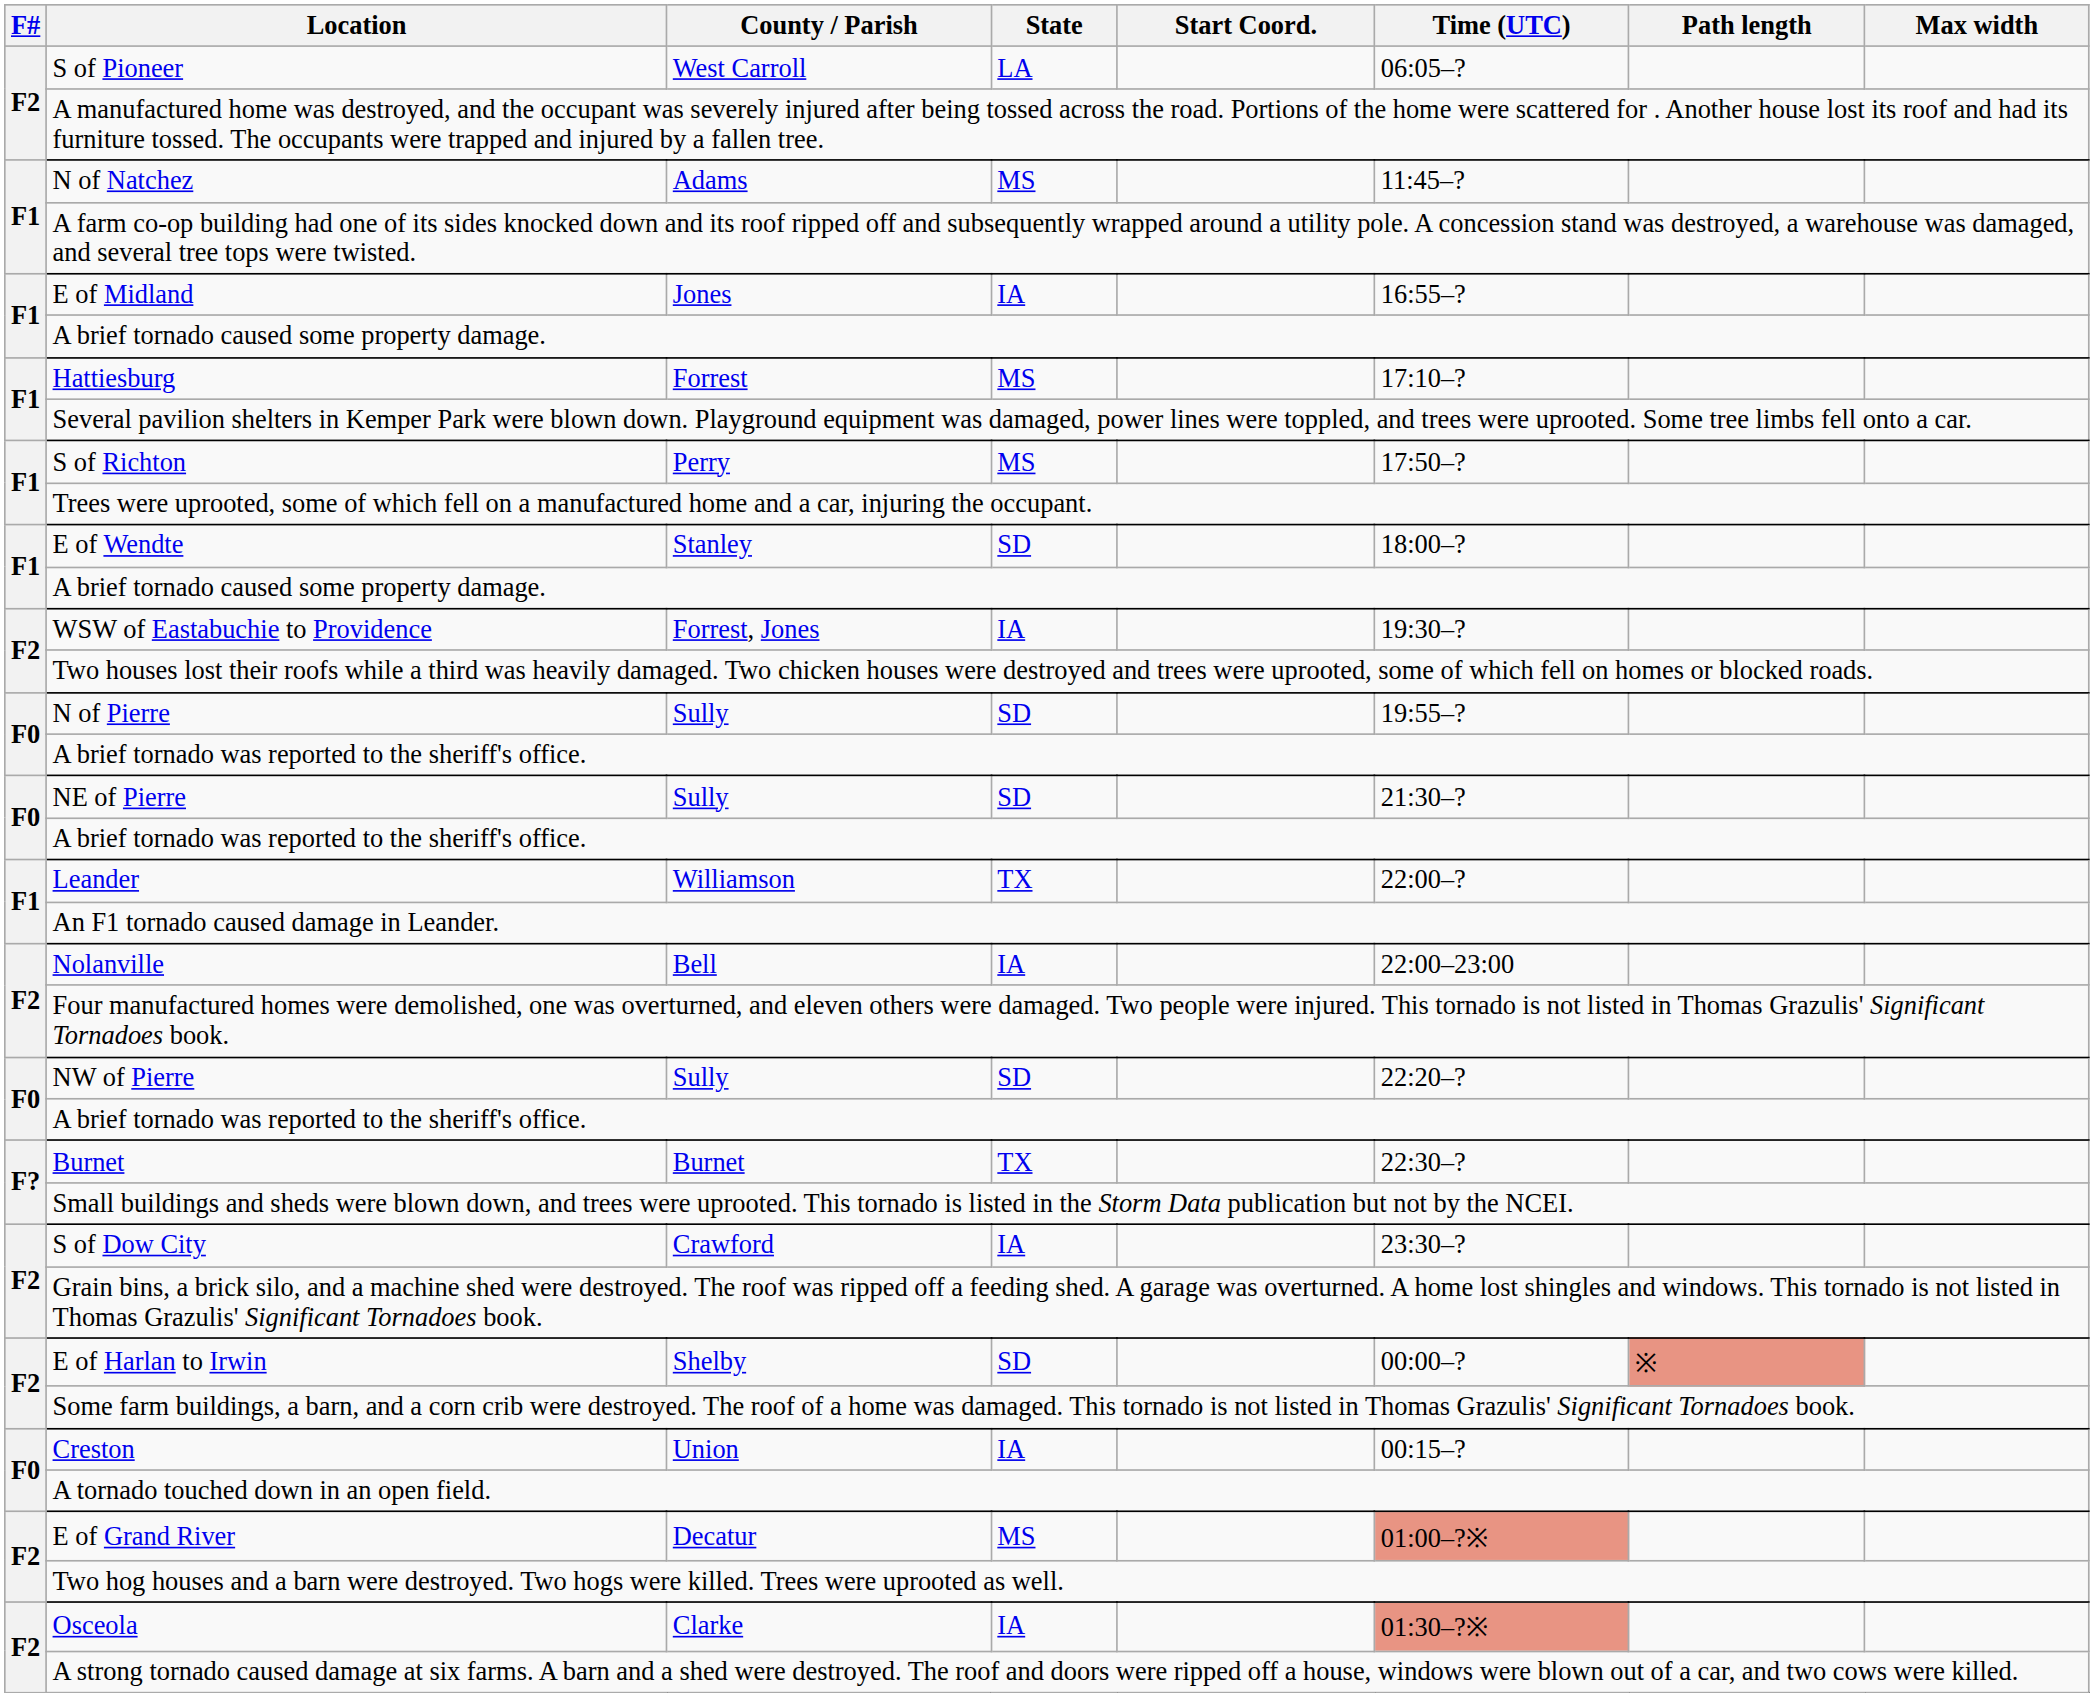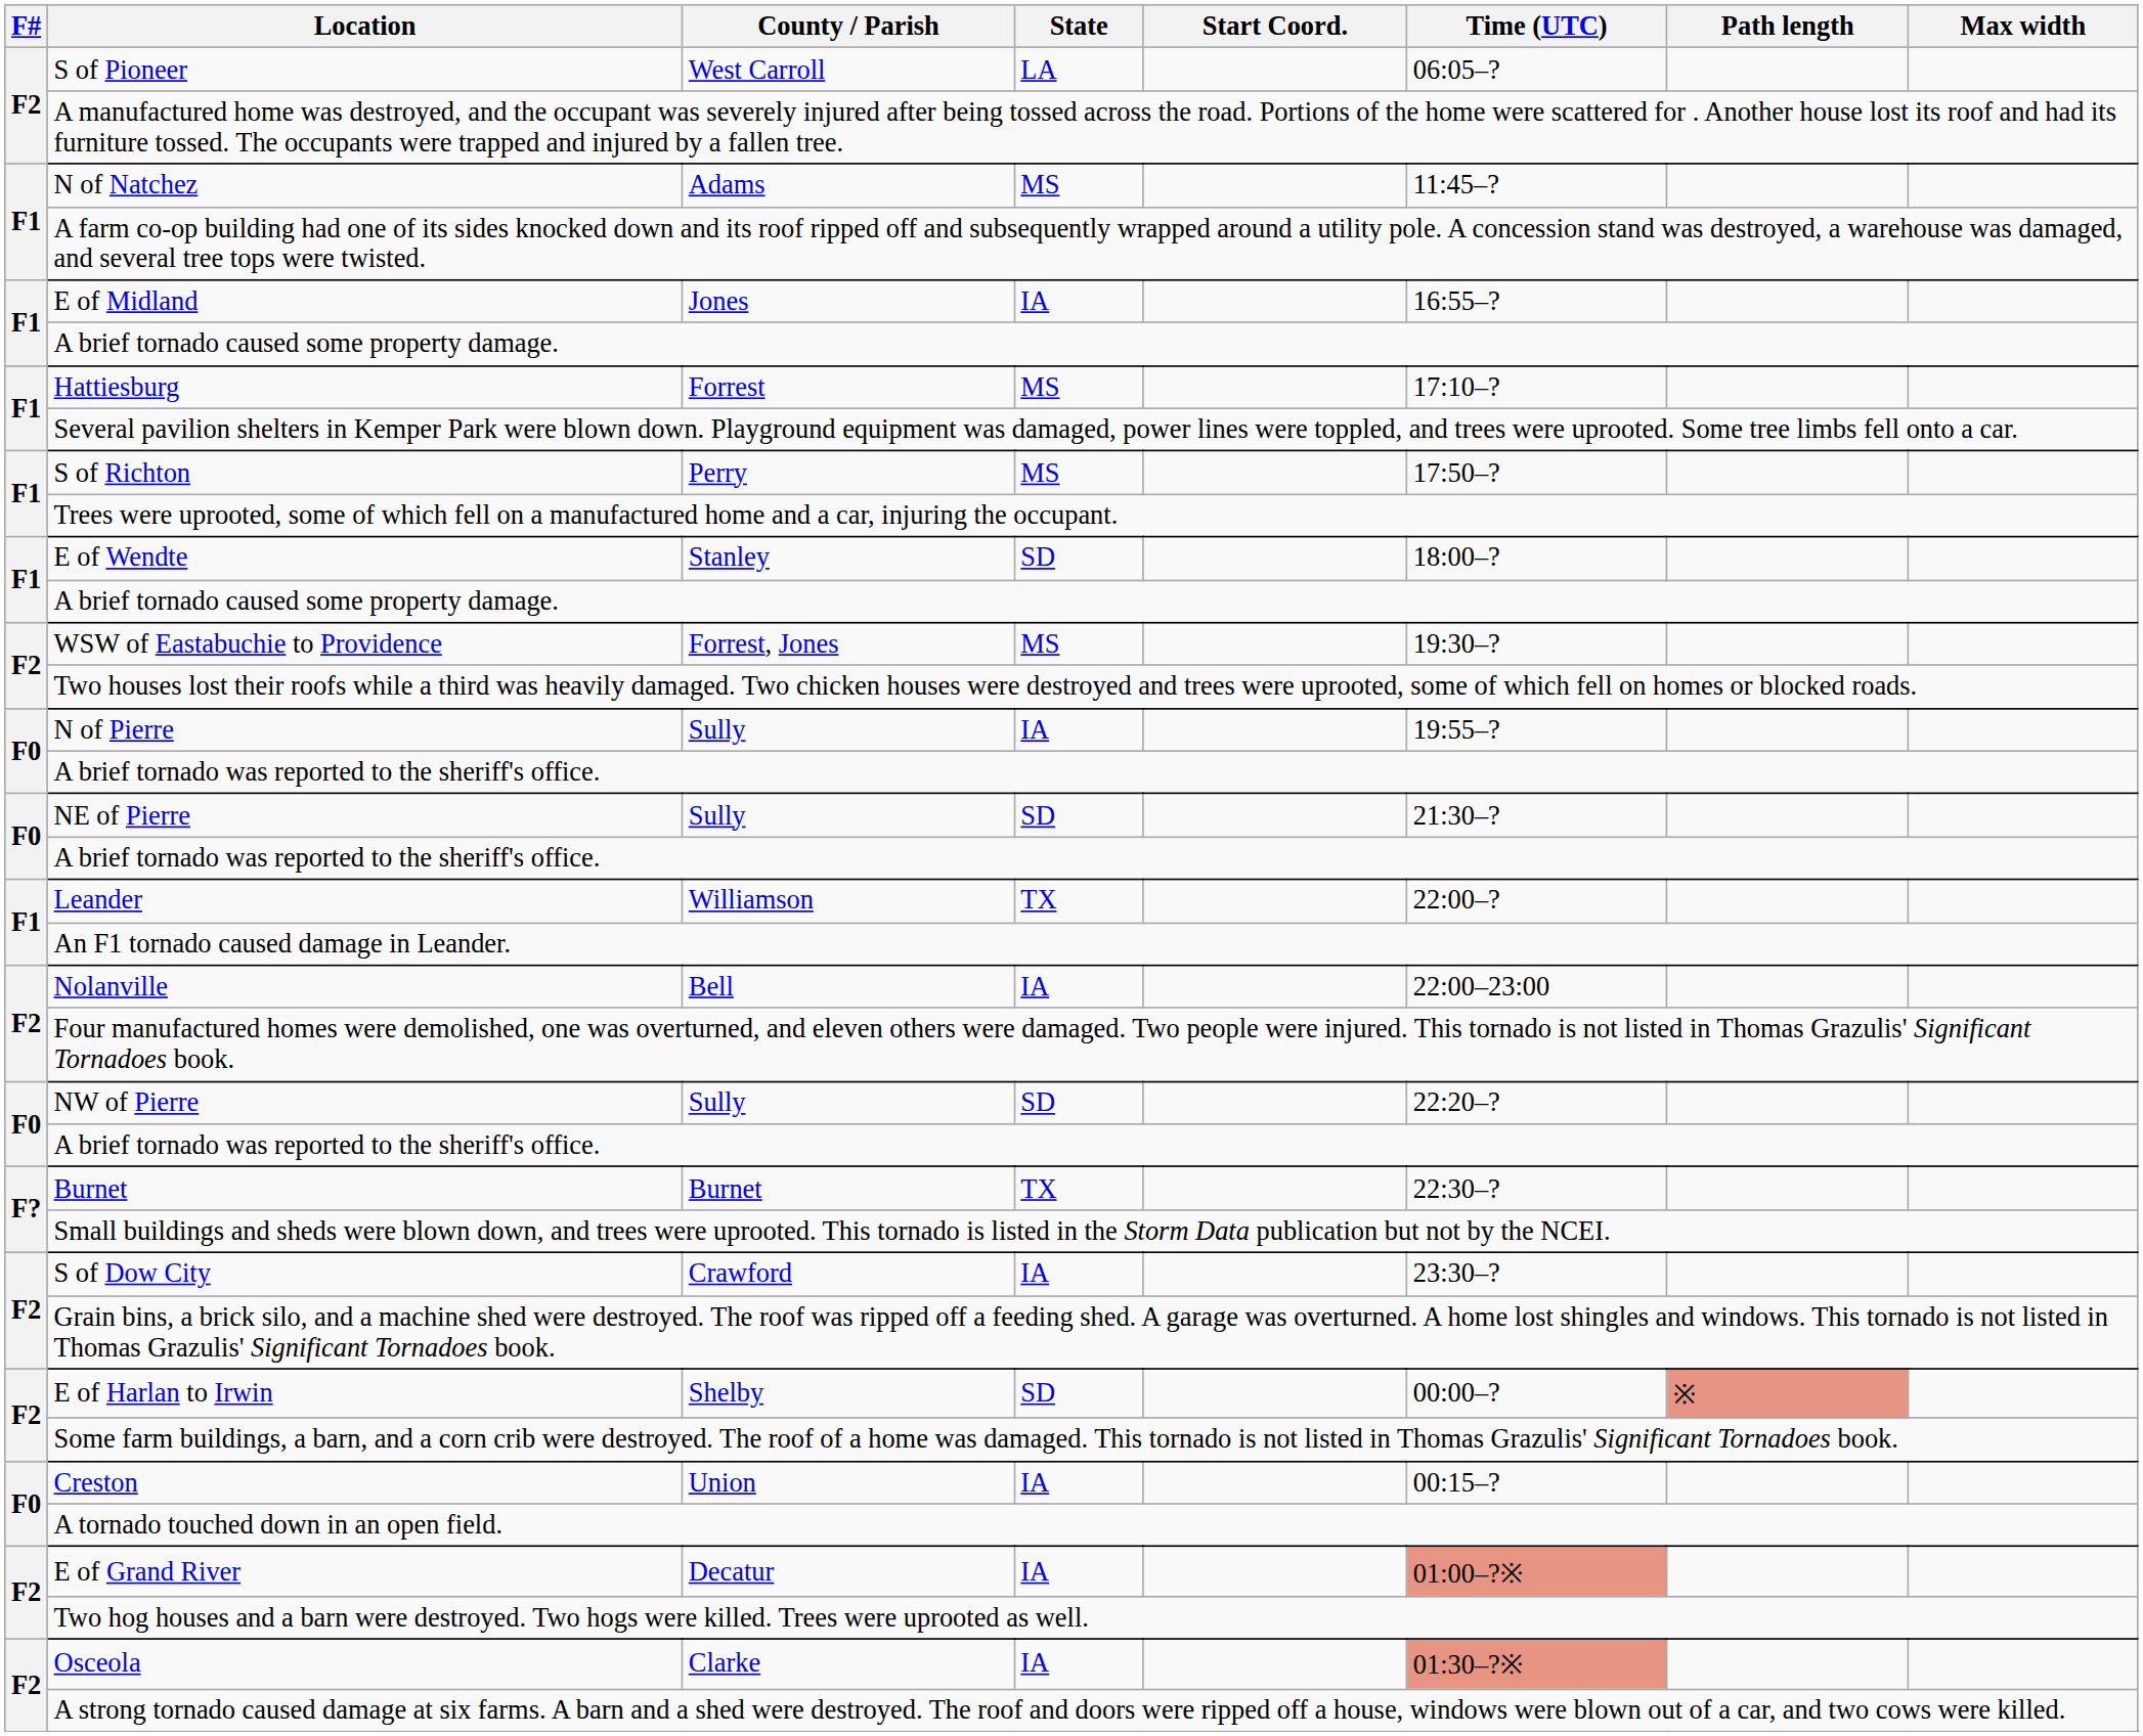 <table class="wikitable sortable" style="width:100%;">
 <tr>
 <th scope="col" width="2%" align="center"><a href='#'>F#</a></th>
 <th scope="col" align="center" class="unsortable">Location</th>
 <th scope="col" align="center" class="unsortable">County / Parish</th>
 <th scope="col" align="center">State</th>
 <th scope="col" align="center">Start Coord.</th>
 <th scope="col" align="center">Time (<a href='#'>UTC</a>)</th>
 <th scope="col" align="center">Path length</th>
 <th scope="col" align="center">Max width</th>
 </tr>
 <tr>
 <th scope="row" rowspan="2" style="background-color:#">F2</th>
 <td>S of <a href='#'>Pioneer</a></td>
 <td><a href='#'>West Carroll</a></td>
 <td><a href='#'>LA</a></td>
 <td></td>
 <td>06:05–?</td>
 <td></td>
 <td></td>
 </tr>
 <tr class="expand-child">
 <td colspan="8" style=" border-bottom: 1px solid black;">A manufactured home was destroyed, and the occupant was severely injured after being tossed across the road. Portions of the home were scattered for . Another house lost its roof and had its furniture tossed. The occupants were trapped and injured by a fallen tree.</td>
 </tr>
 <tr>
 <th scope="row" rowspan="2" style="background-color:#">F1</th>
 <td>N of <a href='#'>Natchez</a></td>
 <td><a href='#'>Adams</a></td>
 <td><a href='#'>MS</a></td>
 <td></td>
 <td>11:45–?</td>
 <td></td>
 <td></td>
 </tr>
 <tr class="expand-child">
 <td colspan="8" style=" border-bottom: 1px solid black;">A farm co-op building had one of its sides knocked down and its roof ripped off and subsequently wrapped around a utility pole. A concession stand was destroyed, a warehouse was damaged, and several tree tops were twisted.</td>
 </tr>
 <tr>
 <th scope="row" rowspan="2" style="background-color:#">F1</th>
 <td>E of <a href='#'>Midland</a></td>
 <td><a href='#'>Jones</a></td>
 <td><a href='#'>IA</a></td>
 <td></td>
 <td>16:55–?</td>
 <td></td>
 <td></td>
 </tr>
 <tr class="expand-child">
 <td colspan="8" style=" border-bottom: 1px solid black;">A brief tornado caused some property damage.</td>
 </tr>
 <tr>
 <th scope="row" rowspan="2" style="background-color:#">F1</th>
 <td><a href='#'>Hattiesburg</a></td>
 <td><a href='#'>Forrest</a></td>
 <td><a href='#'>MS</a></td>
 <td></td>
 <td>17:10–?</td>
 <td></td>
 <td></td>
 </tr>
 <tr class="expand-child">
 <td colspan="8" style=" border-bottom: 1px solid black;">Several pavilion shelters in Kemper Park were blown down. Playground equipment was damaged, power lines were toppled, and trees were uprooted. Some tree limbs fell onto a car.</td>
 </tr>
 <tr>
 <th scope="row" rowspan="2" style="background-color:#">F1</th>
 <td>S of <a href='#'>Richton</a></td>
 <td><a href='#'>Perry</a></td>
 <td><a href='#'>MS</a></td>
 <td></td>
 <td>17:50–?</td>
 <td></td>
 <td></td>
 </tr>
 <tr class="expand-child">
 <td colspan="8" style=" border-bottom: 1px solid black;">Trees were uprooted, some of which fell on a manufactured home and a car, injuring the occupant.</td>
 </tr>
 <tr>
 <th scope="row" rowspan="2" style="background-color:#">F1</th>
 <td>E of <a href='#'>Wendte</a></td>
 <td><a href='#'>Stanley</a></td>
 <td><a href='#'>SD</a></td>
 <td></td>
 <td>18:00–?</td>
 <td></td>
 <td></td>
 </tr>
 <tr class="expand-child">
 <td colspan="8" style=" border-bottom: 1px solid black;">A brief tornado caused some property damage.</td>
 </tr>
 <tr>
 <th scope="row" rowspan="2" style="background-color:#">F2</th>
 <td>WSW of <a href='#'>Eastabuchie</a> to <a href='#'>Providence</a></td>
 <td><a href='#'>Forrest</a>, <a href='#'>Jones</a></td>
-<td><a href='#'>IA</a></td>
+<td><a href='#'>MS</a></td>
 <td></td>
 <td>19:30–?</td>
 <td></td>
 <td></td>
 </tr>
 <tr class="expand-child">
 <td colspan="8" style=" border-bottom: 1px solid black;">Two houses lost their roofs while a third was heavily damaged. Two chicken houses were destroyed and trees were uprooted, some of which fell on homes or blocked roads.</td>
 </tr>
 <tr>
 <th scope="row" rowspan="2" style="background-color:#">F0</th>
 <td>N of <a href='#'>Pierre</a></td>
 <td><a href='#'>Sully</a></td>
-<td><a href='#'>SD</a></td>
+<td><a href='#'>IA</a></td>
 <td></td>
 <td>19:55–?</td>
 <td></td>
 <td></td>
 </tr>
 <tr class="expand-child">
 <td colspan="8" style=" border-bottom: 1px solid black;">A brief tornado was reported to the sheriff's office.</td>
 </tr>
 <tr>
 <th scope="row" rowspan="2" style="background-color:#">F0</th>
 <td>NE of <a href='#'>Pierre</a></td>
 <td><a href='#'>Sully</a></td>
 <td><a href='#'>SD</a></td>
 <td></td>
 <td>21:30–?</td>
 <td></td>
 <td></td>
 </tr>
 <tr class="expand-child">
 <td colspan="8" style=" border-bottom: 1px solid black;">A brief tornado was reported to the sheriff's office.</td>
 </tr>
 <tr>
 <th scope="row" rowspan="2" style="background-color:#">F1</th>
 <td><a href='#'>Leander</a></td>
 <td><a href='#'>Williamson</a></td>
 <td><a href='#'>TX</a></td>
 <td></td>
 <td>22:00–?</td>
 <td></td>
 <td></td>
 </tr>
 <tr class="expand-child">
 <td colspan="8" style=" border-bottom: 1px solid black;">An F1 tornado caused damage in Leander.</td>
 </tr>
 <tr>
 <th scope="row" rowspan="2" style="background-color:#">F2</th>
 <td><a href='#'>Nolanville</a></td>
 <td><a href='#'>Bell</a></td>
 <td><a href='#'>IA</a></td>
 <td></td>
 <td>22:00–23:00</td>
 <td></td>
 <td></td>
 </tr>
 <tr class="expand-child">
 <td colspan="8" style=" border-bottom: 1px solid black;">Four manufactured homes were demolished, one was overturned, and eleven others were damaged. Two people were injured. This tornado is not listed in Thomas Grazulis' <em>Significant Tornadoes</em> book.</td>
 </tr>
 <tr>
 <th scope="row" rowspan="2" style="background-color:#">F0</th>
 <td>NW of <a href='#'>Pierre</a></td>
 <td><a href='#'>Sully</a></td>
 <td><a href='#'>SD</a></td>
 <td></td>
 <td>22:20–?</td>
 <td></td>
 <td></td>
 </tr>
 <tr class="expand-child">
 <td colspan="8" style=" border-bottom: 1px solid black;">A brief tornado was reported to the sheriff's office.</td>
 </tr>
 <tr>
 <th scope="row" rowspan="2" style="background-color:#">F?</th>
 <td><a href='#'>Burnet</a></td>
 <td><a href='#'>Burnet</a></td>
 <td><a href='#'>TX</a></td>
 <td></td>
 <td>22:30–?</td>
 <td></td>
 <td></td>
 </tr>
 <tr class="expand-child">
 <td colspan="8" style=" border-bottom: 1px solid black;">Small buildings and sheds were blown down, and trees were uprooted. This tornado is listed in the <em>Storm Data</em> publication but not by the NCEI.</td>
 </tr>
 <tr>
 <th scope="row" rowspan="2" style="background-color:#">F2</th>
 <td>S of <a href='#'>Dow City</a></td>
 <td><a href='#'>Crawford</a></td>
 <td><a href='#'>IA</a></td>
 <td></td>
 <td>23:30–?</td>
 <td></td>
 <td></td>
 </tr>
 <tr class="expand-child">
 <td colspan="8" style=" border-bottom: 1px solid black;">Grain bins, a brick silo, and a machine shed were destroyed. The roof was ripped off a feeding shed. A garage was overturned. A home lost shingles and windows. This tornado is not listed in Thomas Grazulis' <em>Significant Tornadoes</em> book.</td>
 </tr>
 <tr>
 <th scope="row" rowspan="2" style="background-color:#">F2</th>
 <td>E of <a href='#'>Harlan</a> to <a href='#'>Irwin</a></td>
 <td><a href='#'>Shelby</a></td>
 <td><a href='#'>SD</a></td>
 <td></td>
 <td>00:00–?</td>
 <td bgcolor=#E89483>※</td>
 <td></td>
 </tr>
 <tr class="expand-child">
 <td colspan="8" style=" border-bottom: 1px solid black;">Some farm buildings, a barn, and a corn crib were destroyed. The roof of a home was damaged. This tornado is not listed in Thomas Grazulis' <em>Significant Tornadoes</em> book.</td>
 </tr>
 <tr>
 <th scope="row" rowspan="2" style="background-color:#">F0</th>
 <td><a href='#'>Creston</a></td>
 <td><a href='#'>Union</a></td>
 <td><a href='#'>IA</a></td>
 <td></td>
 <td>00:15–?</td>
 <td></td>
 <td></td>
 </tr>
 <tr class="expand-child">
 <td colspan="8" style=" border-bottom: 1px solid black;">A tornado touched down in an open field.</td>
 </tr>
 <tr>
 <th scope="row" rowspan="2" style="background-color:#">F2</th>
 <td>E of <a href='#'>Grand River</a></td>
 <td><a href='#'>Decatur</a></td>
-<td><a href='#'>MS</a></td>
+<td><a href='#'>IA</a></td>
 <td></td>
 <td bgcolor=#E89483>01:00–?※</td>
 <td></td>
 <td></td>
 </tr>
 <tr class="expand-child">
 <td colspan="8" style=" border-bottom: 1px solid black;">Two hog houses and a barn were destroyed. Two hogs were killed. Trees were uprooted as well.</td>
 </tr>
 <tr>
 <th scope="row" rowspan="2" style="background-color:#">F2</th>
 <td><a href='#'>Osceola</a></td>
 <td><a href='#'>Clarke</a></td>
 <td><a href='#'>IA</a></td>
 <td></td>
 <td bgcolor=#E89483>01:30–?※</td>
 <td></td>
 <td></td>
 </tr>
 <tr class="expand-child">
 <td colspan="8" style=" border-bottom: 1px solid black;">A strong tornado caused damage at six farms. A barn and a shed were destroyed. The roof and doors were ripped off a house, windows were blown out of a car, and two cows were killed.</td>
 </tr>
 <tr>
 </tr>
 </table>
